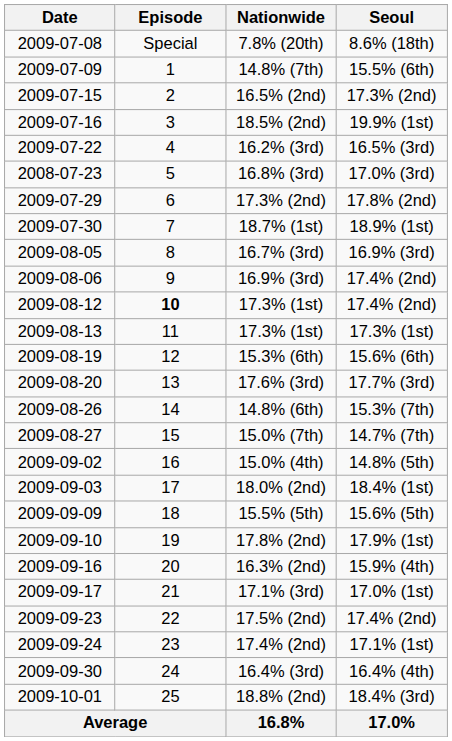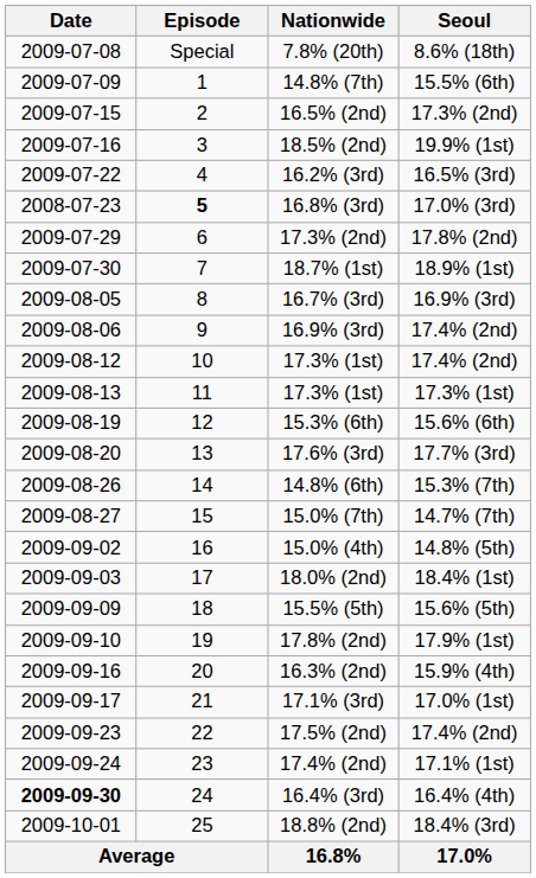 <table class="wikitable">
 <tr>
 <th width=100>Date</th>
 <th width=100>Episode</th>
 <th width=100>Nationwide</th>
 <th width=100>Seoul</th>
 </tr>
 <tr align=center>
 <td>2009-07-08</td>
 <td>Special</td>
 <td>7.8% (20th)</td>
 <td>8.6% (18th)</td>
 </tr>
 <tr align=center>
 <td>2009-07-09</td>
 <td>1</td>
 <td>14.8% (7th)</td>
 <td>15.5% (6th)</td>
 </tr>
 <tr align=center>
 <td>2009-07-15</td>
 <td>2</td>
 <td>16.5% (2nd)</td>
 <td>17.3% (2nd)</td>
 </tr>
 <tr align=center>
 <td>2009-07-16</td>
 <td>3</td>
 <td>18.5% (2nd)</td>
 <td>19.9% (1st)</td>
 </tr>
 <tr align=center>
 <td>2009-07-22</td>
 <td>4</td>
 <td>16.2% (3rd)</td>
 <td>16.5% (3rd)</td>
 </tr>
 <tr align=center>
 <td>2008-07-23</td>
-<td>5</td>
+<td><strong>5</strong></td>
 <td>16.8% (3rd)</td>
 <td>17.0% (3rd)</td>
 </tr>
 <tr align=center>
 <td>2009-07-29</td>
 <td>6</td>
 <td>17.3% (2nd)</td>
 <td>17.8% (2nd)</td>
 </tr>
 <tr align=center>
 <td>2009-07-30</td>
 <td>7</td>
 <td>18.7% (1st)</td>
 <td>18.9% (1st)</td>
 </tr>
 <tr align=center>
 <td>2009-08-05</td>
 <td>8</td>
 <td>16.7% (3rd)</td>
 <td>16.9% (3rd)</td>
 </tr>
 <tr align=center>
 <td>2009-08-06</td>
 <td>9</td>
 <td>16.9% (3rd)</td>
 <td>17.4% (2nd)</td>
 </tr>
 <tr align=center>
 <td>2009-08-12</td>
-<td><strong>10</strong></td>
+<td>10</td>
 <td>17.3% (1st)</td>
 <td>17.4% (2nd)</td>
 </tr>
 <tr align=center>
 <td>2009-08-13</td>
 <td>11</td>
 <td>17.3% (1st)</td>
 <td>17.3% (1st)</td>
 </tr>
 <tr align=center>
 <td>2009-08-19</td>
 <td>12</td>
 <td>15.3% (6th)</td>
 <td>15.6% (6th)</td>
 </tr>
 <tr align=center>
 <td>2009-08-20</td>
 <td>13</td>
 <td>17.6% (3rd)</td>
 <td>17.7% (3rd)</td>
 </tr>
 <tr align=center>
 <td>2009-08-26</td>
 <td>14</td>
 <td>14.8% (6th)</td>
 <td>15.3% (7th)</td>
 </tr>
 <tr align=center>
 <td>2009-08-27</td>
 <td>15</td>
 <td>15.0% (7th)</td>
 <td>14.7% (7th)</td>
 </tr>
 <tr align=center>
 <td>2009-09-02</td>
 <td>16</td>
 <td>15.0% (4th)</td>
 <td>14.8% (5th)</td>
 </tr>
 <tr align=center>
 <td>2009-09-03</td>
 <td>17</td>
 <td>18.0% (2nd)</td>
 <td>18.4% (1st)</td>
 </tr>
 <tr align=center>
 <td>2009-09-09</td>
 <td>18</td>
 <td>15.5% (5th)</td>
 <td>15.6% (5th)</td>
 </tr>
 <tr align=center>
 <td>2009-09-10</td>
 <td>19</td>
 <td>17.8% (2nd)</td>
 <td>17.9% (1st)</td>
 </tr>
 <tr align=center>
 <td>2009-09-16</td>
 <td>20</td>
 <td>16.3% (2nd)</td>
 <td>15.9% (4th)</td>
 </tr>
 <tr align=center>
 <td>2009-09-17</td>
 <td>21</td>
 <td>17.1% (3rd)</td>
 <td>17.0% (1st)</td>
 </tr>
 <tr align=center>
 <td>2009-09-23</td>
 <td>22</td>
 <td>17.5% (2nd)</td>
 <td>17.4% (2nd)</td>
 </tr>
 <tr align=center>
 <td>2009-09-24</td>
 <td>23</td>
 <td>17.4% (2nd)</td>
 <td>17.1% (1st)</td>
 </tr>
 <tr align=center>
-<td>2009-09-30</td>
+<td><strong>2009-09-30</strong></td>
 <td>24</td>
 <td>16.4% (3rd)</td>
 <td>16.4% (4th)</td>
 </tr>
 <tr align=center>
 <td>2009-10-01</td>
 <td>25</td>
 <td>18.8% (2nd)</td>
 <td>18.4% (3rd)</td>
 </tr>
 <tr align=center>
 <th colspan=2>Average</th>
 <th>16.8%</th>
 <th>17.0%</th>
 </tr>
 </table>
